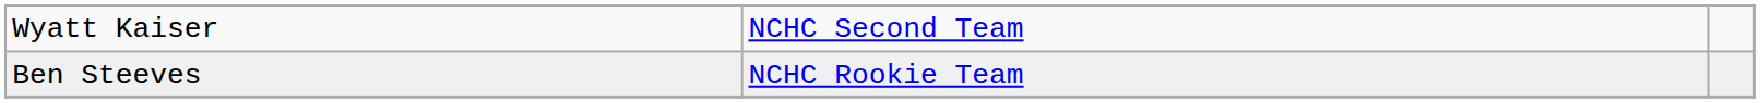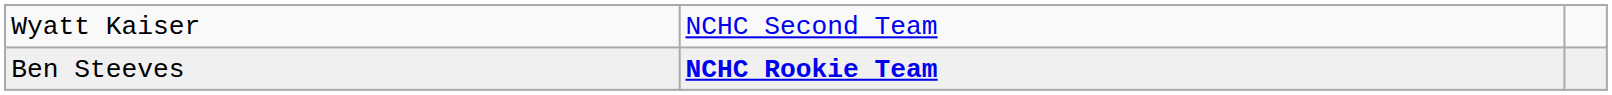 <table class="wikitable" width=40%>
 <tr>
 <td>Wyatt Kaiser</td>
 <td rowspan=1><a href='#'>NCHC Second Team</a></td>
 <td rowspan=1></td>
 </tr>
 <tr bgcolor=f0f0f0>
 <td>Ben Steeves</td>
-<td rowspan=1><a href='#'>NCHC Rookie Team</a></td>
+<td rowspan=1><strong><a href='#'>NCHC Rookie Team</a></strong></td>
 <td rowspan=1></td>
 </tr>
 </table>
